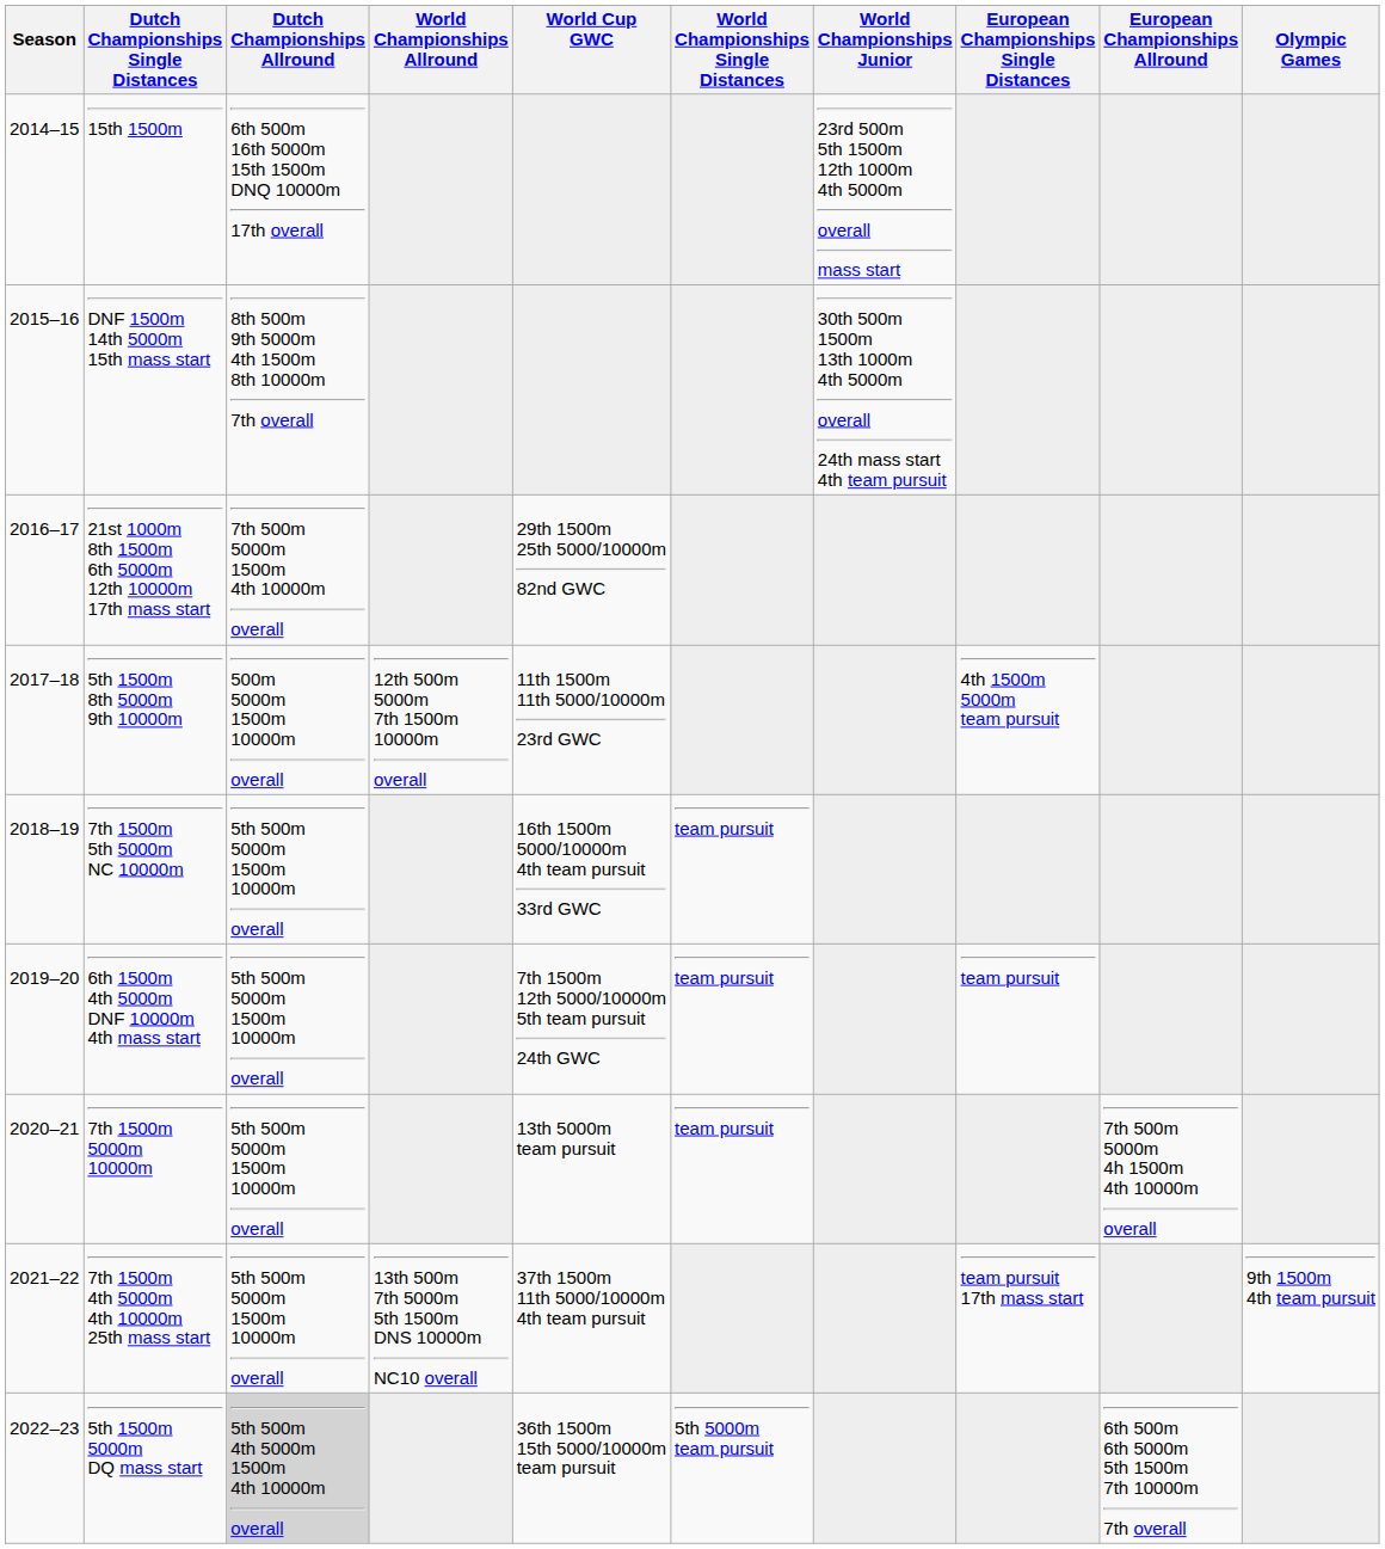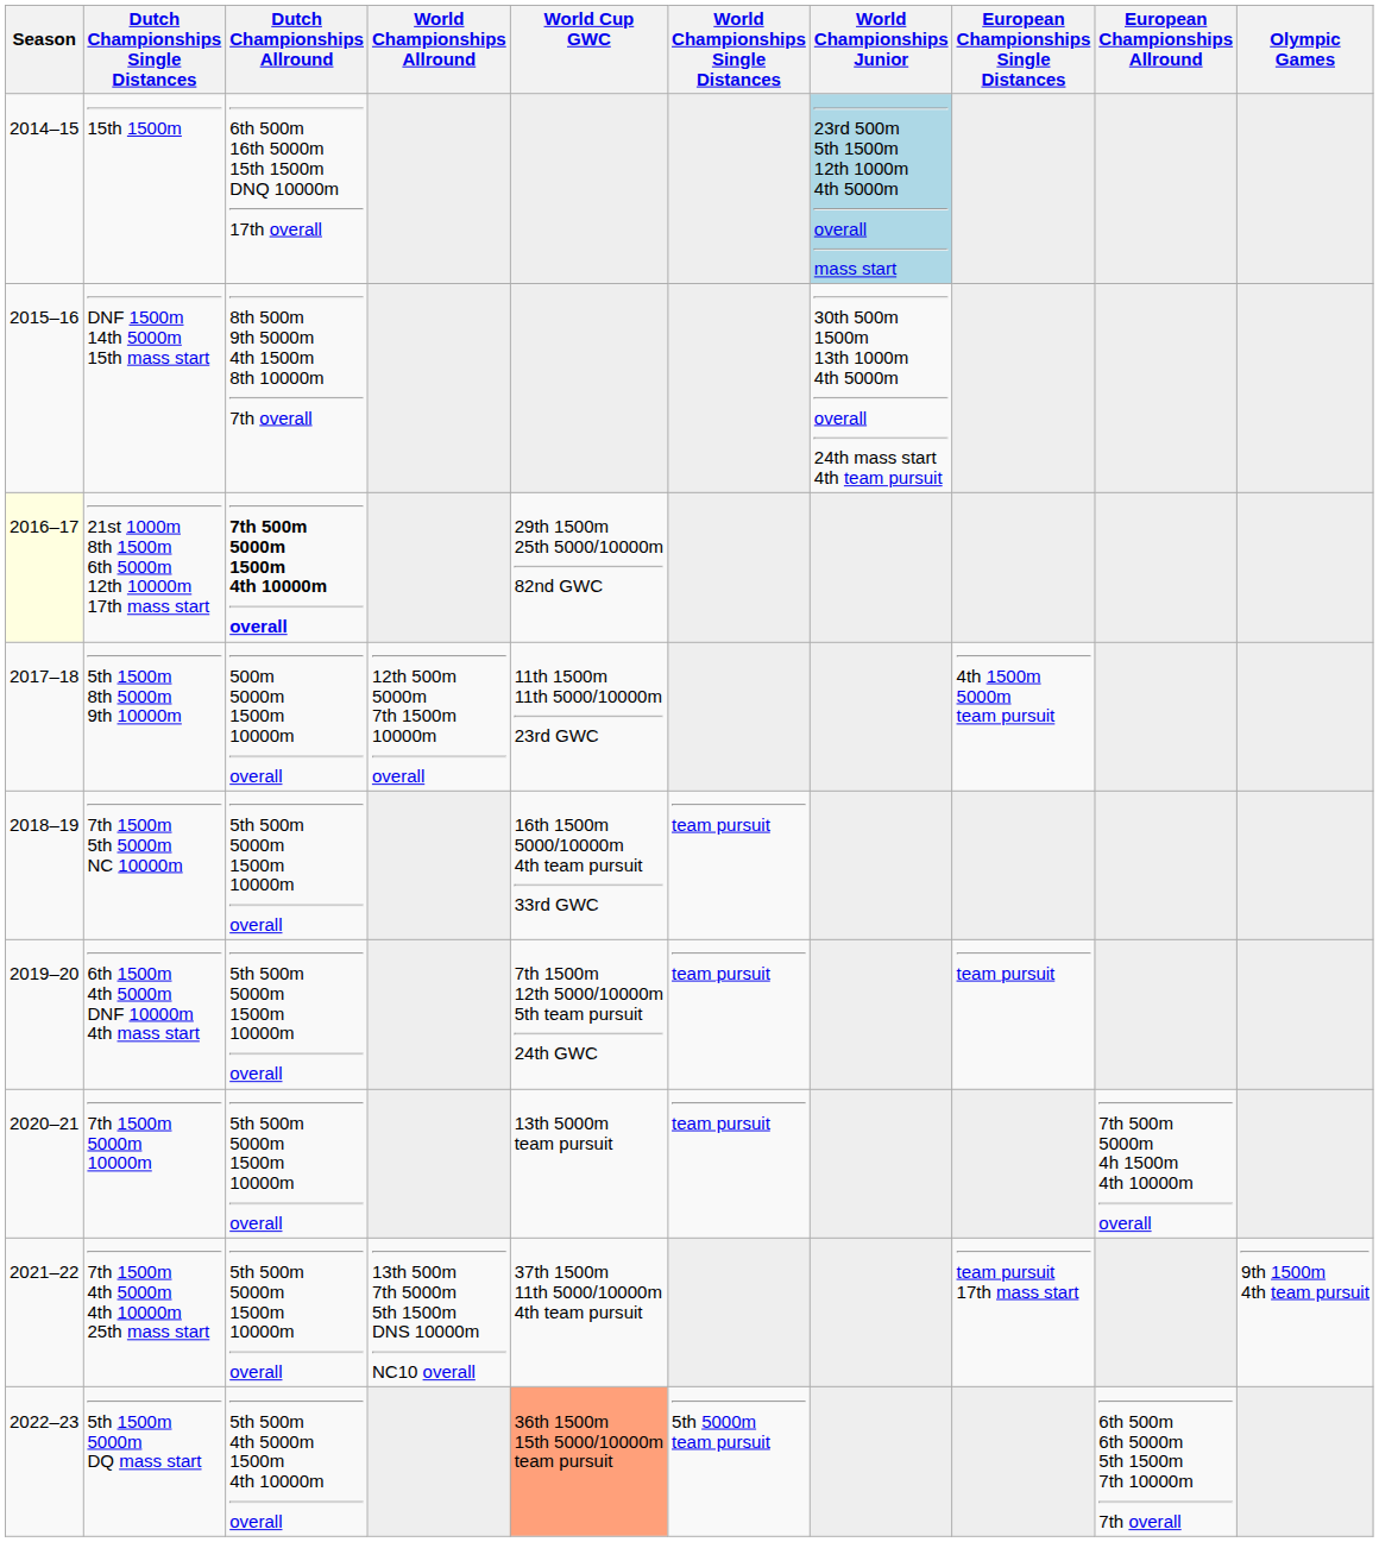 <table class="wikitable">
 <tr style="vertical-align: top;">
 <th><br> Season</th>
 <th><a href='#'>Dutch <br> Championships <br> Single <br> Distances</a></th>
 <th><a href='#'>Dutch <br> Championships <br> Allround</a></th>
 <th><a href='#'>World <br> Championships <br> Allround</a></th>
 <th><a href='#'>World Cup <br> GWC</a></th>
 <th><a href='#'>World <br> Championships <br> Single <br> Distances</a></th>
 <th><a href='#'>World <br> Championships <br> Junior</a></th>
 <th><a href='#'>European <br> Championships <br> Single <br> Distances</a></th>
 <th><a href='#'>European <br> Championships <br> Allround</a></th>
 <th> <br> <a href='#'>Olympic <br> Games</a></th>
 </tr>
 <tr style="vertical-align: top;">
 <td><br> 2014–15</td>
 <td> <hr> 15th <a href='#'>1500m</a></td>
 <td> <hr> 6th 500m <br> 16th 5000m <br> 15th 1500m <br> DNQ 10000m <hr> 17th <a href='#'>overall</a></td>
 <td bgcolor=#EEEEEE></td>
 <td bgcolor=#EEEEEE></td>
 <td bgcolor=#EEEEEE></td>
-<td> <hr> 23rd 500m <br> 5th 1500m <br> 12th 1000m <br> 4th 5000m <hr>  <a href='#'>overall</a> <hr>  <a href='#'>mass start</a></td>
+<td style="background: lightblue;"> <hr> 23rd 500m <br> 5th 1500m <br> 12th 1000m <br> 4th 5000m <hr>  <a href='#'>overall</a> <hr>  <a href='#'>mass start</a></td>
 <td bgcolor=#EEEEEE></td>
 <td bgcolor=#EEEEEE></td>
 <td bgcolor=#EEEEEE></td>
 </tr>
 <tr style="vertical-align: top;">
 <td><br> 2015–16</td>
 <td> <hr> DNF <a href='#'>1500m</a> <br> 14th <a href='#'>5000m</a> <br> 15th <a href='#'>mass start</a></td>
 <td> <hr> 8th 500m <br> 9th 5000m <br> 4th 1500m <br> 8th 10000m <hr> 7th <a href='#'>overall</a></td>
 <td bgcolor=#EEEEEE></td>
 <td bgcolor=#EEEEEE></td>
 <td bgcolor=#EEEEEE></td>
 <td> <hr> 30th 500m <br>  1500m <br> 13th 1000m <br> 4th 5000m <hr>  <a href='#'>overall</a> <hr> 24th mass start <br> 4th <a href='#'>team pursuit</a></td>
 <td bgcolor=#EEEEEE></td>
 <td bgcolor=#EEEEEE></td>
 <td bgcolor=#EEEEEE></td>
 </tr>
 <tr style="vertical-align: top;">
-<td><br> 2016–17</td>
+<td style="background: lightyellow;"><br> 2016–17</td>
 <td> <hr> 21st <a href='#'>1000m</a> <br> 8th <a href='#'>1500m</a> <br> 6th <a href='#'>5000m</a> <br> 12th <a href='#'>10000m</a> <br> 17th <a href='#'>mass start</a></td>
-<td> <hr> 7th 500m <br>  5000m <br>  1500m <br> 4th 10000m <hr>  <a href='#'>overall</a></td>
+<td><strong> <hr> 7th 500m <br>  5000m <br>  1500m <br> 4th 10000m <hr>  <a href='#'>overall</a></strong></td>
 <td bgcolor=#EEEEEE></td>
 <td><br> 29th 1500m <br> 25th 5000/10000m <hr> 82nd GWC</td>
 <td bgcolor=#EEEEEE></td>
 <td bgcolor=#EEEEEE></td>
 <td bgcolor=#EEEEEE></td>
 <td bgcolor=#EEEEEE></td>
 <td bgcolor=#EEEEEE></td>
 </tr>
 <tr style="vertical-align: top;">
 <td><br> 2017–18</td>
 <td> <hr> 5th <a href='#'>1500m</a> <br> 8th <a href='#'>5000m</a> <br> 9th <a href='#'>10000m</a></td>
 <td> <hr>  500m <br>  5000m <br>  1500m <br>  10000m <hr>  <a href='#'>overall</a></td>
 <td> <hr> 12th 500m <br>  5000m <br> 7th 1500m <br>  10000m <hr>  <a href='#'>overall</a></td>
 <td><br> 11th 1500m <br> 11th 5000/10000m <hr> 23rd GWC</td>
 <td bgcolor=#EEEEEE></td>
 <td bgcolor=#EEEEEE></td>
 <td> <hr> 4th <a href='#'>1500m</a> <br>  <a href='#'>5000m</a> <br>  <a href='#'>team pursuit</a></td>
 <td bgcolor=#EEEEEE></td>
 <td bgcolor=#EEEEEE></td>
 </tr>
 <tr style="vertical-align: top;">
 <td><br> 2018–19</td>
 <td> <hr> 7th <a href='#'>1500m</a> <br> 5th <a href='#'>5000m</a> <br> NC <a href='#'>10000m</a></td>
 <td> <hr> 5th 500m <br>  5000m <br>  1500m <br>  10000m <hr>  <a href='#'>overall</a></td>
 <td bgcolor=#EEEEEE></td>
 <td><br> 16th 1500m <br>  5000/10000m <br> 4th team pursuit <hr> 33rd GWC</td>
 <td> <hr>  <a href='#'>team pursuit</a></td>
 <td bgcolor=#EEEEEE></td>
 <td bgcolor=#EEEEEE></td>
 <td bgcolor=#EEEEEE></td>
 <td bgcolor=#EEEEEE></td>
 </tr>
 <tr style="vertical-align: top;">
 <td><br> 2019–20</td>
 <td> <hr> 6th <a href='#'>1500m</a> <br> 4th <a href='#'>5000m</a> <br> DNF <a href='#'>10000m</a> <br> 4th <a href='#'>mass start</a></td>
 <td> <hr> 5th 500m <br>  5000m <br>  1500m <br>  10000m <hr>  <a href='#'>overall</a></td>
 <td bgcolor=#EEEEEE></td>
 <td><br> 7th 1500m <br> 12th 5000/10000m <br> 5th team pursuit <hr> 24th GWC</td>
 <td> <hr>  <a href='#'>team pursuit</a></td>
 <td bgcolor=#EEEEEE></td>
 <td> <hr>  <a href='#'>team pursuit</a></td>
 <td bgcolor=#EEEEEE></td>
 <td bgcolor=#EEEEEE></td>
 </tr>
 <tr style="vertical-align: top;">
 <td><br> 2020–21</td>
 <td> <hr> 7th <a href='#'>1500m</a> <br>  <a href='#'>5000m</a> <br>  <a href='#'>10000m</a></td>
 <td> <hr> 5th 500m <br>  5000m <br>  1500m <br>  10000m <hr>  <a href='#'>overall</a></td>
 <td bgcolor=#EEEEEE></td>
 <td><br> 13th 5000m <br>  team pursuit</td>
 <td> <hr>  <a href='#'>team pursuit</a></td>
 <td bgcolor=#EEEEEE></td>
 <td bgcolor=#EEEEEE></td>
 <td> <hr> 7th 500m <br>  5000m <br> 4h 1500m <br> 4th 10000m <hr>  <a href='#'>overall</a></td>
 <td bgcolor=#EEEEEE></td>
 </tr>
 <tr style="vertical-align: top;">
 <td><br> 2021–22</td>
 <td> <hr> 7th <a href='#'>1500m</a> <br> 4th <a href='#'>5000m</a> <br> 4th <a href='#'>10000m</a> <br> 25th <a href='#'>mass start</a></td>
 <td> <hr> 5th 500m <br>  5000m <br>  1500m <br>  10000m <hr>  <a href='#'>overall</a></td>
 <td> <hr> 13th 500m <br> 7th 5000m <br> 5th 1500m <br> DNS 10000m <hr> NC10 <a href='#'>overall</a></td>
 <td><br> 37th 1500m <br> 11th 5000/10000m <br> 4th team pursuit</td>
 <td bgcolor=#EEEEEE></td>
 <td bgcolor=#EEEEEE></td>
 <td> <hr>  <a href='#'>team pursuit</a> <br> 17th <a href='#'>mass start</a></td>
 <td bgcolor=#EEEEEE></td>
 <td> <hr> 9th <a href='#'>1500m</a> <br> 4th <a href='#'>team pursuit</a></td>
 </tr>
 <tr style="vertical-align: top;">
 <td><br> 2022–23</td>
 <td> <hr> 5th <a href='#'>1500m</a> <br>  <a href='#'>5000m</a> <br> DQ <a href='#'>mass start</a></td>
-<td style="background: lightgrey;"> <hr> 5th 500m <br> 4th 5000m <br>  1500m <br> 4th 10000m <hr>  <a href='#'>overall</a></td>
+<td> <hr> 5th 500m <br> 4th 5000m <br>  1500m <br> 4th 10000m <hr>  <a href='#'>overall</a></td>
 <td bgcolor=#EEEEEE></td>
-<td><br> 36th 1500m <br> 15th 5000/10000m <br>  team pursuit</td>
+<td style="background: lightsalmon;"><br> 36th 1500m <br> 15th 5000/10000m <br>  team pursuit</td>
 <td> <hr> 5th <a href='#'>5000m</a> <br>  <a href='#'>team pursuit</a></td>
 <td bgcolor=#EEEEEE></td>
 <td bgcolor=#EEEEEE></td>
 <td> <hr> 6th 500m <br> 6th 5000m <br> 5th 1500m <br> 7th 10000m <hr> 7th <a href='#'>overall</a></td>
 <td bgcolor=#EEEEEE></td>
 </tr>
 </table>
